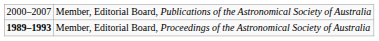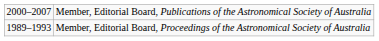 <table class="wikitable">
 <tr>
 <td>2000–2007</td>
 <td>Member, Editorial Board, <em>Publications of the Astronomical Society of Australia</em></td>
 </tr>
 <tr>
-<td><strong>1989–1993</strong></td>
+<td>1989–1993</td>
 <td>Member, Editorial Board, <em>Proceedings of the Astronomical Society of Australia</em></td>
 </tr>
 </table>
